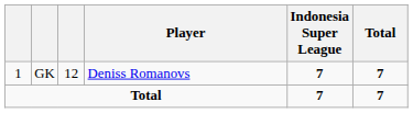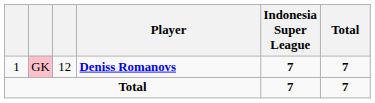 <table class="wikitable" style="font-size: 90%; text-align: center;">
 <tr>
 <th width=20></th>
 <th width=20></th>
 <th width=20></th>
 <th width=200>Player</th>
 <th width=50>Indonesia Super League</th>
 <th width=50><strong>Total</strong></th>
 </tr>
 <tr>
 <td>1</td>
-<td>GK</td>
+<td style="background: pink;">GK</td>
 <td>12</td>
-<td align=left> <a href='#'>Deniss Romanovs</a></td>
+<td align=left><strong> <a href='#'>Deniss Romanovs</a></strong></td>
 <td><strong>7</strong></td>
 <td><strong>7</strong></td>
 </tr>
 <tr>
 <td colspan="4"><strong>Total</strong></td>
 <td><strong>7</strong></td>
 <td><strong>7</strong></td>
 </tr>
 </table>
